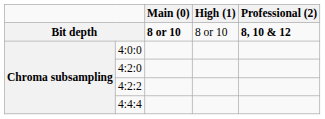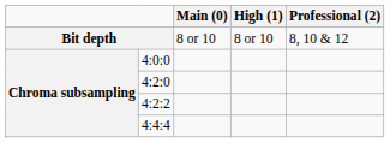 <table class="wikitable">
 <tr>
 <th colspan="2" style="background: none;"></th>
 <th>Main (0)</th>
 <th>High (1)</th>
 <th>Professional (2)</th>
 </tr>
 <tr>
 <th colspan="2">Bit depth</th>
-<td><strong>8 or 10</strong></td>
 <td>8 or 10</td>
-<td><strong>8, 10 & 12</strong></td>
+<td>8 or 10</td>
+<td>8, 10 & 12</td>
 </tr>
 <tr>
 <th rowspan="4">Chroma subsampling</th>
 <td>4:0:0</td>
 <td></td>
 <td></td>
 <td></td>
 </tr>
 <tr>
 <td>4:2:0</td>
 <td></td>
 <td></td>
 <td></td>
 </tr>
 <tr>
 <td>4:2:2</td>
 <td></td>
 <td></td>
 <td></td>
 </tr>
 <tr>
 <td>4:4:4</td>
 <td></td>
 <td></td>
 <td></td>
 </tr>
 </table>
